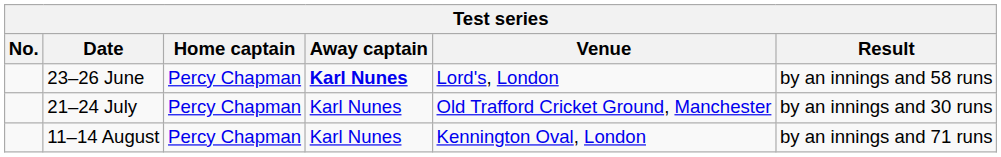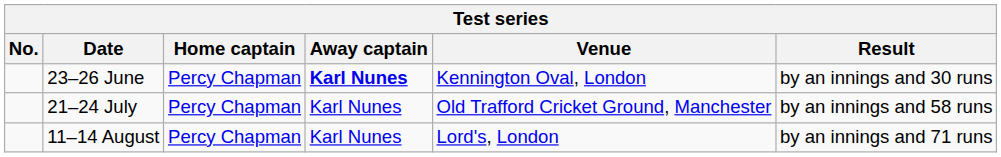 <table class="wikitable">
 <tr>
 <th colspan="9">Test series</th>
 </tr>
 <tr>
 <th>No.</th>
 <th>Date</th>
 <th>Home captain</th>
 <th>Away captain</th>
 <th>Venue</th>
 <th>Result</th>
 </tr>
 <tr>
 <td></td>
 <td>23–26 June</td>
 <td><a href='#'>Percy Chapman</a></td>
 <td><strong><a href='#'>Karl Nunes</a></strong></td>
-<td><a href='#'>Lord's</a>, <a href='#'>London</a></td>
-<td> by an innings and 58 runs</td>
+<td><a href='#'>Kennington Oval</a>, <a href='#'>London</a></td>
+<td> by an innings and 30 runs</td>
 </tr>
 <tr>
 <td></td>
 <td>21–24 July</td>
 <td><a href='#'>Percy Chapman</a></td>
 <td><a href='#'>Karl Nunes</a></td>
 <td><a href='#'>Old Trafford Cricket Ground</a>, <a href='#'>Manchester</a></td>
-<td> by an innings and 30 runs</td>
+<td> by an innings and 58 runs</td>
 </tr>
 <tr>
 <td></td>
 <td>11–14 August</td>
 <td><a href='#'>Percy Chapman</a></td>
 <td><a href='#'>Karl Nunes</a></td>
-<td><a href='#'>Kennington Oval</a>, <a href='#'>London</a></td>
+<td><a href='#'>Lord's</a>, <a href='#'>London</a></td>
 <td> by an innings and 71 runs</td>
 </tr>
 </table>
